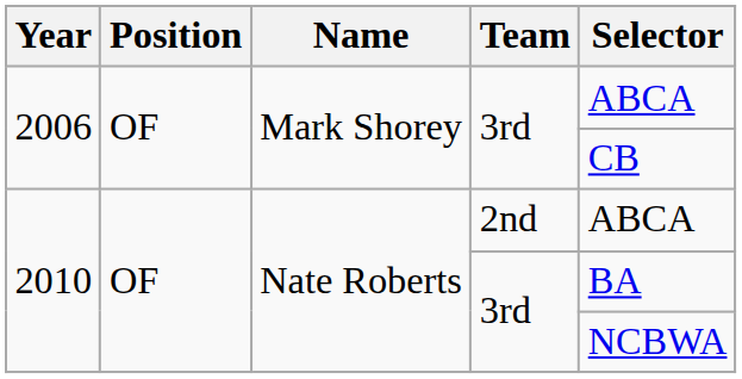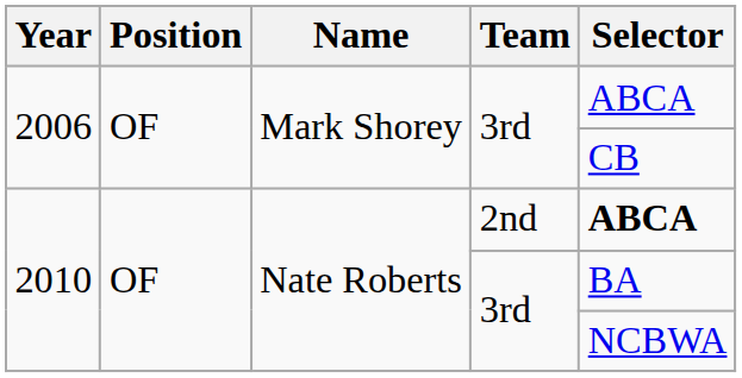 <table class="wikitable">
 <tr>
 <th>Year</th>
 <th>Position</th>
 <th>Name</th>
 <th>Team</th>
 <th>Selector</th>
 </tr>
 <tr>
 <td rowspan="2">2006</td>
 <td rowspan="2">OF</td>
 <td rowspan="2">Mark Shorey</td>
 <td rowspan="2">3rd</td>
 <td><a href='#'>ABCA</a></td>
 </tr>
 <tr>
 <td><a href='#'>CB</a></td>
 </tr>
 <tr>
 <td rowspan="3">2010</td>
 <td rowspan="3">OF</td>
 <td rowspan="3">Nate Roberts</td>
 <td>2nd</td>
-<td>ABCA</td>
+<td><strong>ABCA</strong></td>
 </tr>
 <tr>
 <td rowspan="2">3rd</td>
 <td><a href='#'>BA</a></td>
 </tr>
 <tr>
 <td><a href='#'>NCBWA</a></td>
 </tr>
 </table>
